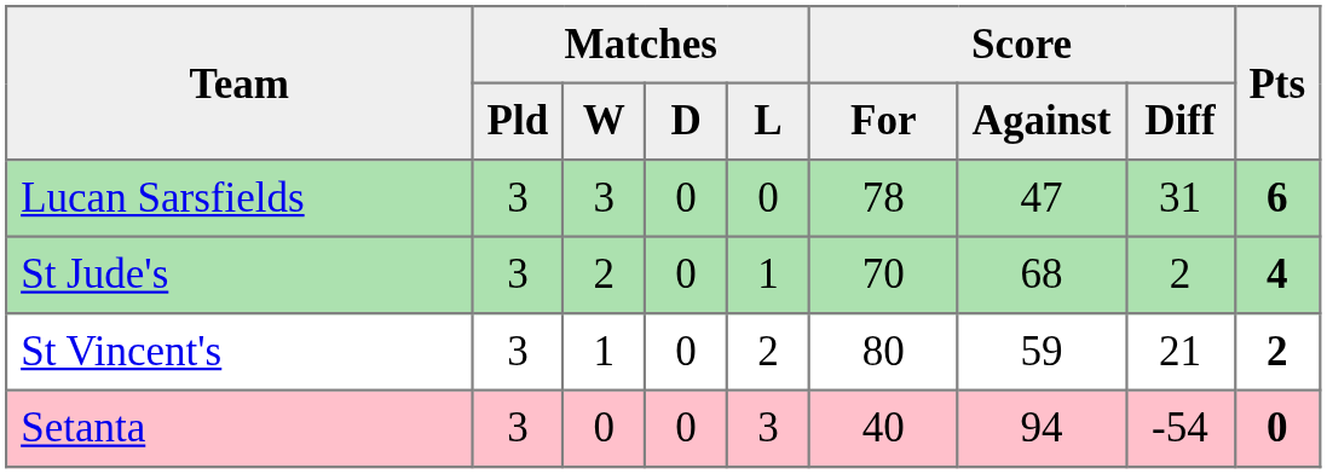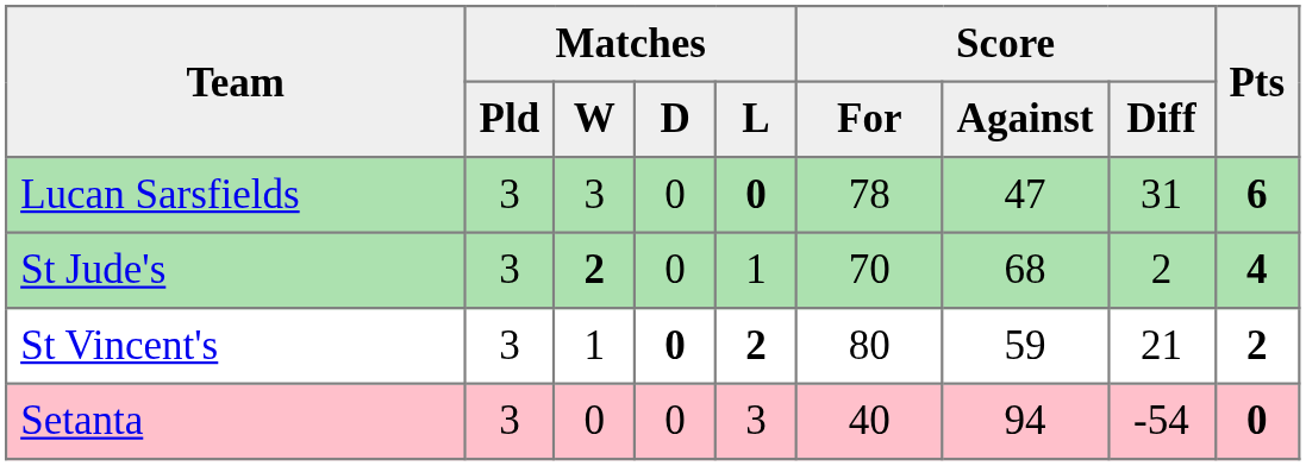 <table style=border-collapse:collapse border=1 cellspacing=0 cellpadding=5>
 <tr align=center bgcolor=#efefef>
 <th rowspan=2 width=165>Team</th>
 <th colspan=4>Matches</th>
 <th colspan=3>Score</th>
 <th rowspan=2width=20>Pts</th>
 </tr>
 <tr align=center bgcolor=#efefef>
 <th width=20>Pld</th>
 <th width=20>W</th>
 <th width=20>D</th>
 <th width=20>L</th>
 <th width=45>For</th>
 <th width=45>Against</th>
 <th width=30>Diff</th>
 </tr>
 <tr align=center style="background:#ACE1AF;">
 <td style="text-align:left;"> <a href='#'>Lucan Sarsfields</a></td>
 <td>3</td>
 <td>3</td>
 <td>0</td>
-<td>0</td>
+<td><strong>0</strong></td>
 <td>78</td>
 <td>47</td>
 <td>31</td>
 <td><strong>6</strong></td>
 </tr>
 <tr align=center style="background:#ACE1AF;">
 <td style="text-align:left;"> <a href='#'>St Jude's</a></td>
 <td>3</td>
-<td>2</td>
+<td><strong>2</strong></td>
 <td>0</td>
 <td>1</td>
 <td>70</td>
 <td>68</td>
 <td>2</td>
 <td><strong>4</strong></td>
 </tr>
 <tr align=center>
 <td style="text-align:left;"> <a href='#'>St Vincent's</a></td>
 <td>3</td>
 <td>1</td>
-<td>0</td>
-<td>2</td>
+<td><strong>0</strong></td>
+<td><strong>2</strong></td>
 <td>80</td>
 <td>59</td>
 <td>21</td>
 <td><strong>2</strong></td>
 </tr>
 <tr align=center style="background:#FFC0CB;">
 <td style="text-align:left;"> <a href='#'>Setanta</a></td>
 <td>3</td>
 <td>0</td>
 <td>0</td>
 <td>3</td>
 <td>40</td>
 <td>94</td>
 <td>-54</td>
 <td><strong>0</strong></td>
 </tr>
 </table>
